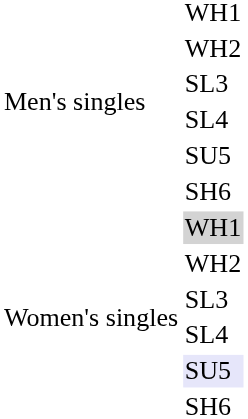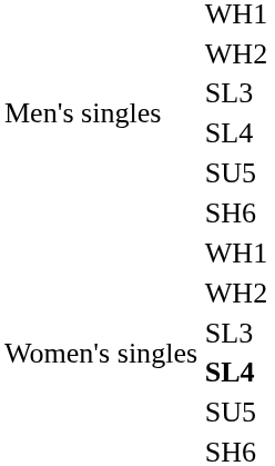 <table>
 <tr>
 <td rowspan=6>Men's singles</td>
 <td>WH1<br></td>
 <td></td>
 <td></td>
 <td></td>
 </tr>
 <tr>
 <td>WH2<br></td>
 <td></td>
 <td></td>
 <td></td>
 </tr>
 <tr>
 <td>SL3<br></td>
 <td></td>
 <td></td>
 <td></td>
 </tr>
 <tr>
 <td>SL4<br></td>
 <td></td>
 <td></td>
 <td></td>
 </tr>
 <tr>
 <td>SU5<br></td>
 <td></td>
 <td></td>
 <td></td>
 </tr>
 <tr>
 <td>SH6<br></td>
 <td></td>
 <td></td>
 <td></td>
 </tr>
 <tr>
 <td rowspan=6>Women's singles</td>
-<td style="background: lightgrey;">WH1<br></td>
+<td>WH1<br></td>
 <td></td>
 <td></td>
 <td></td>
 </tr>
 <tr>
 <td>WH2<br></td>
 <td></td>
 <td></td>
 <td></td>
 </tr>
 <tr>
 <td>SL3<br></td>
 <td></td>
 <td></td>
 <td></td>
 </tr>
 <tr>
-<td>SL4<br></td>
+<td><strong>SL4<br></strong></td>
 <td></td>
 <td></td>
 <td></td>
 </tr>
 <tr>
-<td style="background: lavender;">SU5<br></td>
+<td>SU5<br></td>
 <td></td>
 <td></td>
 <td></td>
 </tr>
 <tr>
 <td>SH6<br></td>
 <td></td>
 <td></td>
 <td></td>
 </tr>
 </table>
